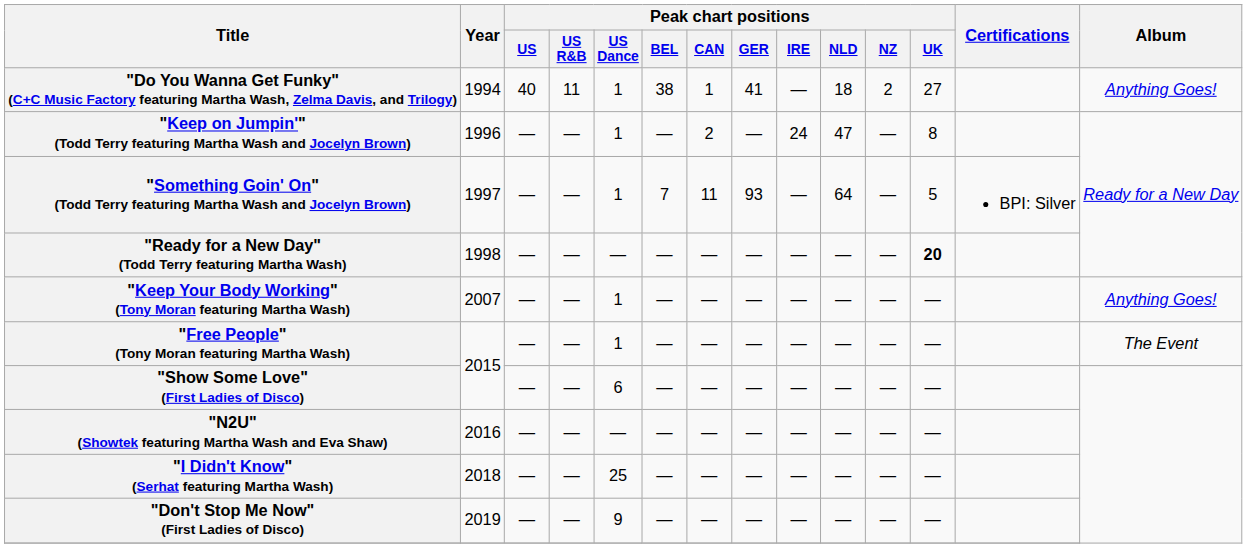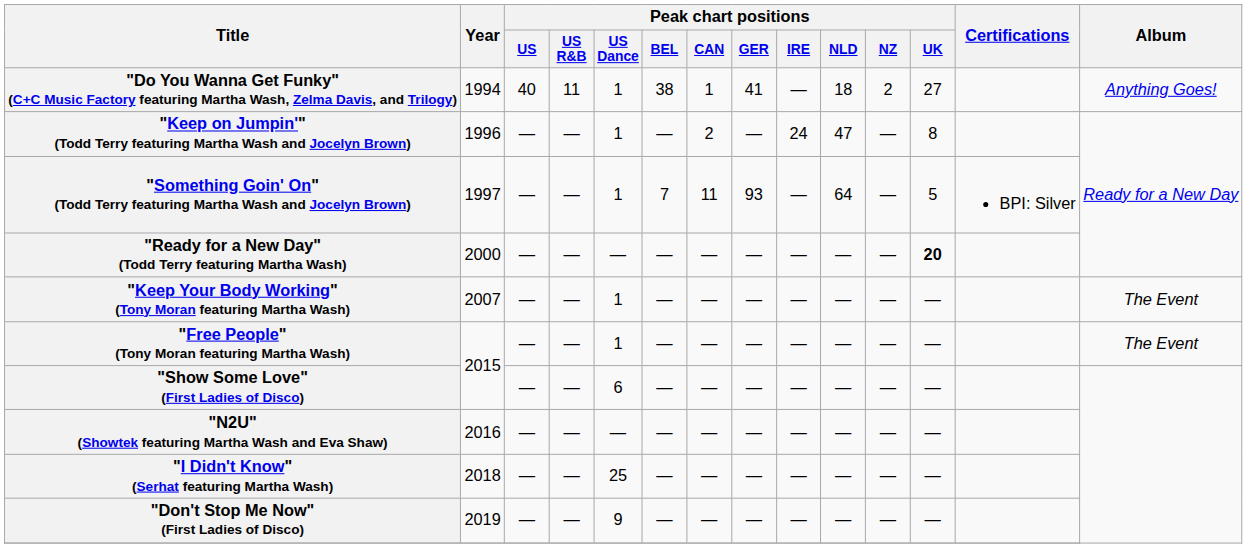 <table class="wikitable plainrowheaders" style="text-align: center;" border="1">
 <tr>
 <th rowspan="2">Title</th>
 <th rowspan="2">Year</th>
 <th colspan="10">Peak chart positions</th>
 <th rowspan="2"><a href='#'>Certifications</a></th>
 <th rowspan="2">Album</th>
 </tr>
 <tr>
 <th scope="col" style="width:2.75em;font-size:85%;"><a href='#'>US</a><br></th>
 <th scope="col" style="width:2.75em;font-size:85%;"><a href='#'>US R&B</a><br></th>
 <th scope="col" style="width:2.75em;font-size:85%;"><a href='#'>US Dance</a><br></th>
 <th scope="col" style="width:2.75em;font-size:85%;"><a href='#'>BEL</a><br></th>
 <th scope="col" style="width:2.75em;font-size:85%;"><a href='#'>CAN</a><br></th>
 <th scope="col" style="width:2.75em;font-size:85%;"><a href='#'>GER</a><br></th>
 <th scope="col" style="width:2.75em;font-size:85%;"><a href='#'>IRE</a><br></th>
 <th scope="col" style="width:2.75em;font-size:85%;"><a href='#'>NLD</a><br></th>
 <th scope="col" style="width:2.75em;font-size:85%;"><a href='#'>NZ</a><br></th>
 <th scope="col" style="width:2.75em;font-size:85%;"><a href='#'>UK</a><br></th>
 </tr>
 <tr>
 <th scope="row">"Do You Wanna Get Funky" <br><small>(<a href='#'>C+C Music Factory</a> featuring Martha Wash, <a href='#'>Zelma Davis</a>, and <a href='#'>Trilogy</a>)</small></th>
 <td rowspan="1">1994</td>
 <td>40</td>
 <td>11</td>
 <td>1</td>
 <td>38</td>
 <td>1</td>
 <td>41</td>
 <td>—</td>
 <td>18</td>
 <td>2</td>
 <td>27</td>
 <td></td>
 <td rowspan="1"><em><a href='#'>Anything Goes!</a></em></td>
 </tr>
 <tr>
 <th scope="row">"<a href='#'>Keep on Jumpin'</a>"<br><small>(Todd Terry featuring Martha Wash and <a href='#'>Jocelyn Brown</a>)</small></th>
 <td rowspan="1">1996</td>
 <td>—</td>
 <td>—</td>
 <td>1</td>
 <td>—</td>
 <td>2</td>
 <td>—</td>
 <td>24</td>
 <td>47</td>
 <td>—</td>
 <td>8</td>
 <td></td>
 <td rowspan="3"><em><a href='#'>Ready for a New Day</a></em></td>
 </tr>
 <tr>
 <th scope="row">"<a href='#'>Something Goin' On</a>"<br><small>(Todd Terry featuring Martha Wash and <a href='#'>Jocelyn Brown</a>)</small></th>
 <td rowspan="1">1997</td>
 <td>—</td>
 <td>—</td>
 <td>1</td>
 <td>7</td>
 <td>11</td>
 <td>93</td>
 <td>—</td>
 <td>64</td>
 <td>—</td>
 <td>5</td>
 <td><br><ul><li>BPI: Silver</li></ul></td>
 </tr>
 <tr>
 <th scope="row">"Ready for a New Day"<br><small>(Todd Terry featuring Martha Wash)</small></th>
-<td rowspan="1">1998</td>
+<td rowspan="1">2000</td>
 <td>—</td>
 <td>—</td>
 <td>—</td>
 <td>—</td>
 <td>—</td>
 <td>—</td>
 <td>—</td>
 <td>—</td>
 <td>—</td>
 <td><strong>20</strong></td>
 <td></td>
 </tr>
 <tr>
 <th scope="row">"<a href='#'>Keep Your Body Working</a>"<br><small>(<a href='#'>Tony Moran</a> featuring Martha Wash)</small></th>
 <td rowspan="1">2007</td>
 <td>—</td>
 <td>—</td>
 <td>1</td>
 <td>—</td>
 <td>—</td>
 <td>—</td>
 <td>—</td>
 <td>—</td>
 <td>—</td>
 <td>—</td>
 <td></td>
-<td rowspan="1"><em><a href='#'>Anything Goes!</a></em></td>
+<td><em>The Event</em></td>
 </tr>
 <tr>
 <th scope="row">"<a href='#'>Free People</a>"<br><small>(Tony Moran featuring Martha Wash)</small></th>
 <td rowspan="2">2015</td>
 <td>—</td>
 <td>—</td>
 <td>1</td>
 <td>—</td>
 <td>—</td>
 <td>—</td>
 <td>—</td>
 <td>—</td>
 <td>—</td>
 <td>—</td>
 <td></td>
 <td><em>The Event</em></td>
 </tr>
 <tr>
 <th scope="row">"Show Some Love"<br><small>(<a href='#'>First Ladies of Disco</a>)</small></th>
 <td>—</td>
 <td>—</td>
 <td>6</td>
 <td>—</td>
 <td>—</td>
 <td>—</td>
 <td>—</td>
 <td>—</td>
 <td>—</td>
 <td>—</td>
 <td></td>
 </tr>
 <tr>
 <th scope="row">"N2U"<br><small>(<a href='#'>Showtek</a> featuring Martha Wash and Eva Shaw)</small></th>
 <td rowspan="1">2016</td>
 <td>—</td>
 <td>—</td>
 <td>—</td>
 <td>—</td>
 <td>—</td>
 <td>—</td>
 <td>—</td>
 <td>—</td>
 <td>—</td>
 <td>—</td>
 <td></td>
 </tr>
 <tr>
 <th scope="row">"<a href='#'>I Didn't Know</a>"<br><small>(<a href='#'>Serhat</a> featuring Martha Wash)</small></th>
 <td rowspan="1">2018</td>
 <td>—</td>
 <td>—</td>
 <td>25</td>
 <td>—</td>
 <td>—</td>
 <td>—</td>
 <td>—</td>
 <td>—</td>
 <td>—</td>
 <td>—</td>
 <td></td>
 </tr>
 <tr>
 <th scope="row">"Don't Stop Me Now"<br><small>(First Ladies of Disco)</small></th>
 <td rowspan="1">2019</td>
 <td>—</td>
 <td>—</td>
 <td>9</td>
 <td>—</td>
 <td>—</td>
 <td>—</td>
 <td>—</td>
 <td>—</td>
 <td>—</td>
 <td>—</td>
 <td></td>
 </tr>
 <tr>
 </tr>
 </table>
